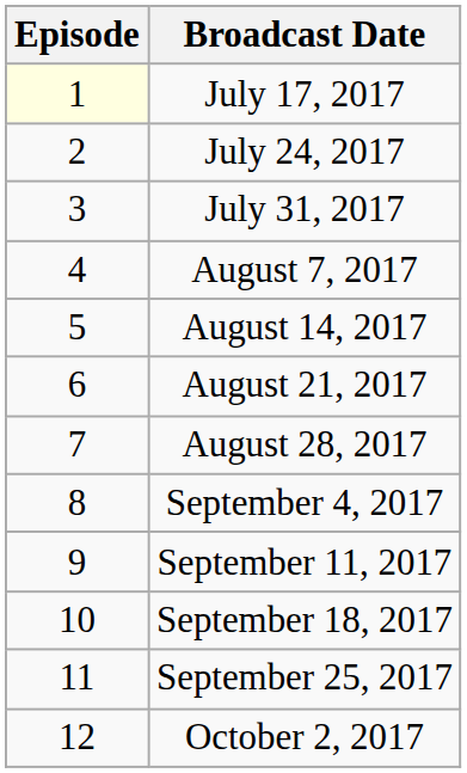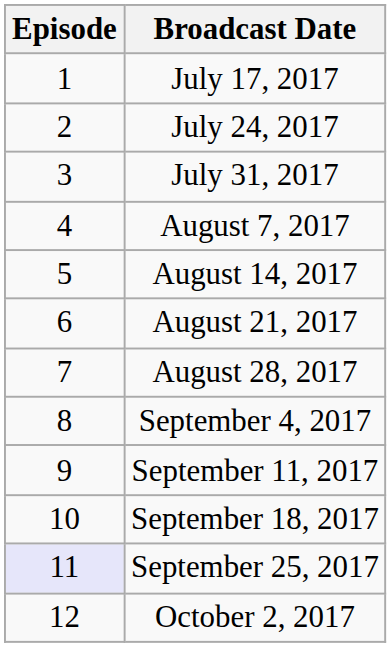 <table class="wikitable" style="text-align:center;">
 <tr>
 <th>Episode</th>
 <th>Broadcast Date</th>
 </tr>
 <tr>
-<td style="background: lightyellow;">1</td>
+<td>1</td>
 <td>July 17, 2017</td>
 </tr>
 <tr>
 <td>2</td>
 <td>July 24, 2017</td>
 </tr>
 <tr>
 <td>3</td>
 <td>July 31, 2017</td>
 </tr>
 <tr>
 <td>4</td>
 <td>August 7, 2017</td>
 </tr>
 <tr>
 <td>5</td>
 <td>August 14, 2017</td>
 </tr>
 <tr>
 <td>6</td>
 <td>August 21, 2017</td>
 </tr>
 <tr>
 <td>7</td>
 <td>August 28, 2017</td>
 </tr>
 <tr>
 <td>8</td>
 <td>September 4, 2017</td>
 </tr>
 <tr>
 <td>9</td>
 <td>September 11, 2017</td>
 </tr>
 <tr>
 <td>10</td>
 <td>September 18, 2017</td>
 </tr>
 <tr>
-<td>11</td>
+<td style="background: lavender;">11</td>
 <td>September 25, 2017</td>
 </tr>
 <tr>
 <td>12</td>
 <td>October 2, 2017</td>
 </tr>
 </table>
